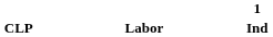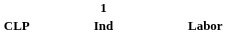 <table style="width:60%; text-align:center;">
 <tr style="color:white;">
 <td style="background:"><strong>12</strong></td>
+<td style="color:black; background:"><strong>1</strong></td>
 <td style="background:"><strong>6</strong></td>
-<td style="color:black; background:"><strong>1</strong></td>
 </tr>
 <tr>
 <td><span><strong>CLP</strong></span></td>
+<td><span><strong>Ind</strong></span></td>
 <td><span><strong>Labor</strong></span></td>
-<td><span><strong>Ind</strong></span></td>
 </tr>
 </table>
